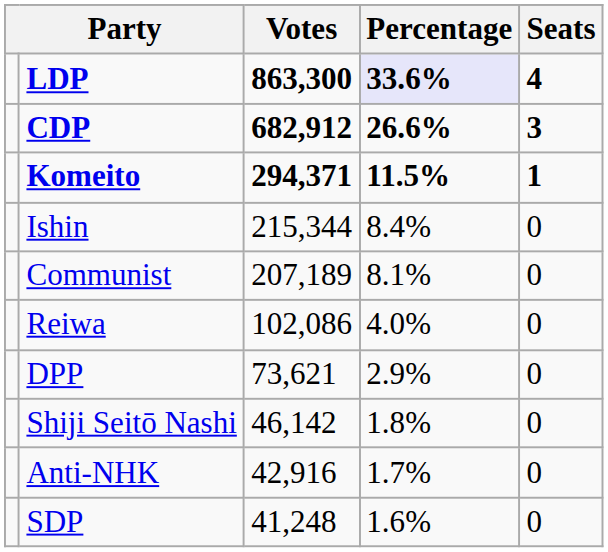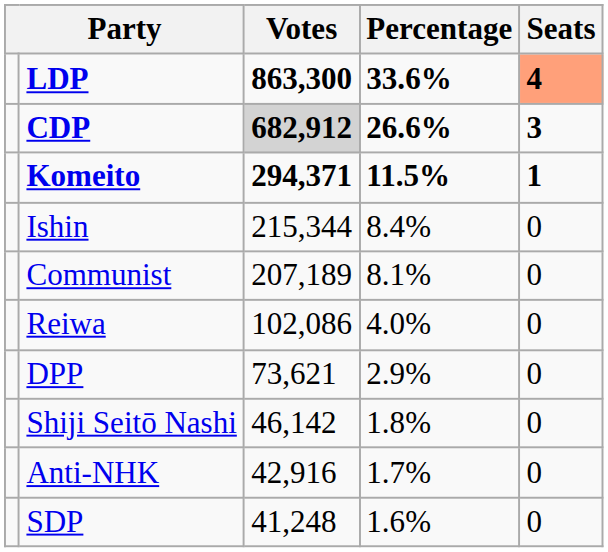 <table class="wikitable">
 <tr>
 <th colspan=2>Party</th>
 <th>Votes</th>
 <th>Percentage</th>
 <th>Seats</th>
 </tr>
 <tr>
 <td bgcolor=></td>
 <td><strong><a href='#'>LDP</a></strong></td>
 <td><strong>863,300</strong></td>
-<td style="background: lavender;"><strong>33.6%</strong></td>
-<td><strong>4</strong></td>
+<td><strong>33.6%</strong></td>
+<td style="background: lightsalmon;"><strong>4</strong></td>
 </tr>
 <tr>
 <td bgcolor=></td>
 <td><strong><a href='#'>CDP</a></strong></td>
-<td><strong>682,912</strong></td>
+<td style="background: lightgrey;"><strong>682,912</strong></td>
 <td><strong>26.6%</strong></td>
 <td><strong>3</strong></td>
 </tr>
 <tr>
 <td bgcolor=></td>
 <td><strong><a href='#'>Komeito</a></strong></td>
 <td><strong>294,371</strong></td>
 <td><strong>11.5%</strong></td>
 <td><strong>1</strong></td>
 </tr>
 <tr>
 <td bgcolor=></td>
 <td><a href='#'>Ishin</a></td>
 <td>215,344</td>
 <td>8.4%</td>
 <td>0</td>
 </tr>
 <tr>
 <td bgcolor=></td>
 <td><a href='#'>Communist</a></td>
 <td>207,189</td>
 <td>8.1%</td>
 <td>0</td>
 </tr>
 <tr>
 <td bgcolor=></td>
 <td><a href='#'>Reiwa</a></td>
 <td>102,086</td>
 <td>4.0%</td>
 <td>0</td>
 </tr>
 <tr>
 <td bgcolor=></td>
 <td><a href='#'>DPP</a></td>
 <td>73,621</td>
 <td>2.9%</td>
 <td>0</td>
 </tr>
 <tr>
 <td bgcolor=></td>
 <td><a href='#'>Shiji Seitō Nashi</a></td>
 <td>46,142</td>
 <td>1.8%</td>
 <td>0</td>
 </tr>
 <tr>
 <td bgcolor=></td>
 <td><a href='#'>Anti-NHK</a></td>
 <td>42,916</td>
 <td>1.7%</td>
 <td>0</td>
 </tr>
 <tr>
 <td bgcolor=></td>
 <td><a href='#'>SDP</a></td>
 <td>41,248</td>
 <td>1.6%</td>
 <td>0</td>
 </tr>
 </table>
